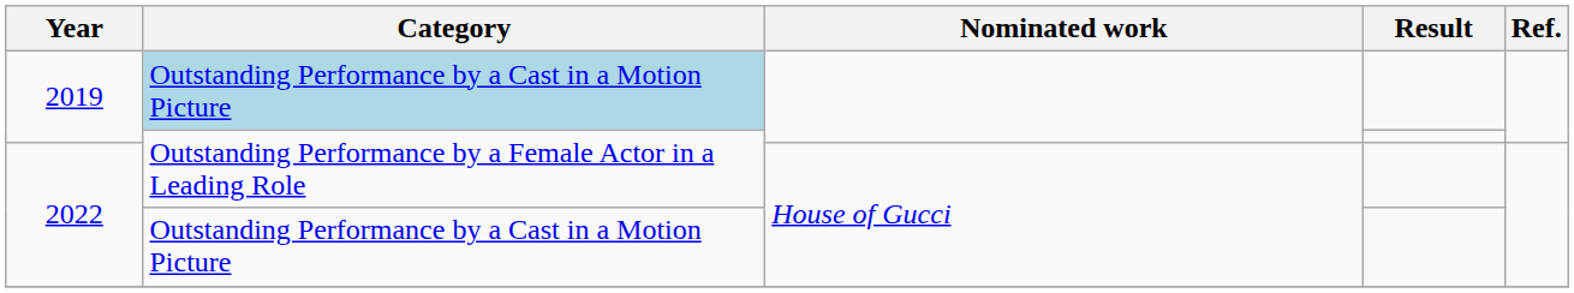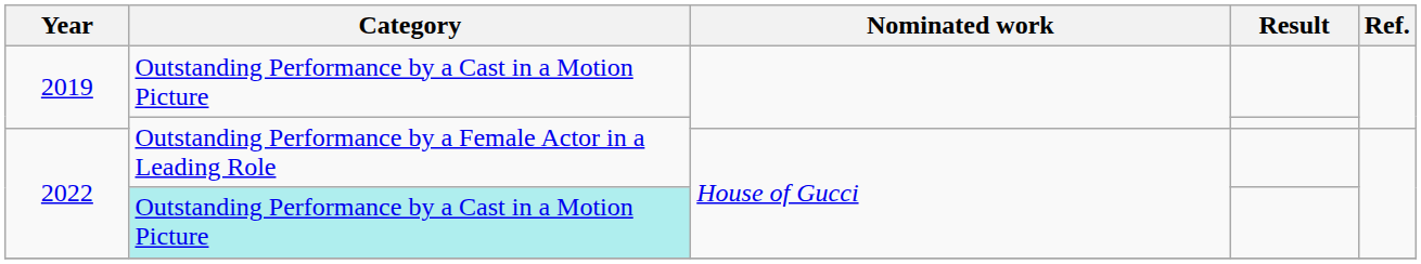 <table class=wikitable>
 <tr>
 <th scope="col" style="width:5em;">Year</th>
 <th scope="col" style="width:26em;">Category</th>
 <th scope="col" style="width:25em;">Nominated work</th>
 <th scope="col" style="width:5em;">Result</th>
 <th>Ref.</th>
 </tr>
 <tr>
 <td align="center" rowspan="2"><a href='#'>2019</a></td>
-<td style="background: lightblue;"><a href='#'>Outstanding Performance by a Cast in a Motion Picture</a></td>
+<td><a href='#'>Outstanding Performance by a Cast in a Motion Picture</a></td>
 <td rowspan="2"><em></em></td>
 <td></td>
 <td style="text-align:center;" rowspan="2"></td>
 </tr>
 <tr>
 <td rowspan="2"><a href='#'>Outstanding Performance by a Female Actor in a Leading Role</a></td>
 <td></td>
 </tr>
 <tr>
 <td align="center" rowspan="2"><a href='#'>2022</a></td>
 <td rowspan="2"><em><a href='#'>House of Gucci</a></em></td>
 <td></td>
 <td style="text-align:center;" rowspan="2"></td>
 </tr>
 <tr>
-<td><a href='#'>Outstanding Performance by a Cast in a Motion Picture</a></td>
+<td style="background: paleturquoise;"><a href='#'>Outstanding Performance by a Cast in a Motion Picture</a></td>
 <td></td>
 </tr>
 <tr>
 </tr>
 </table>
